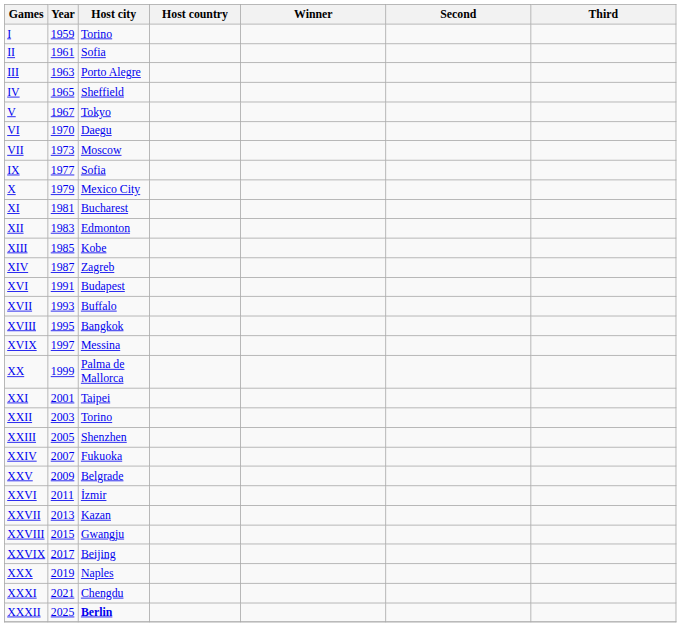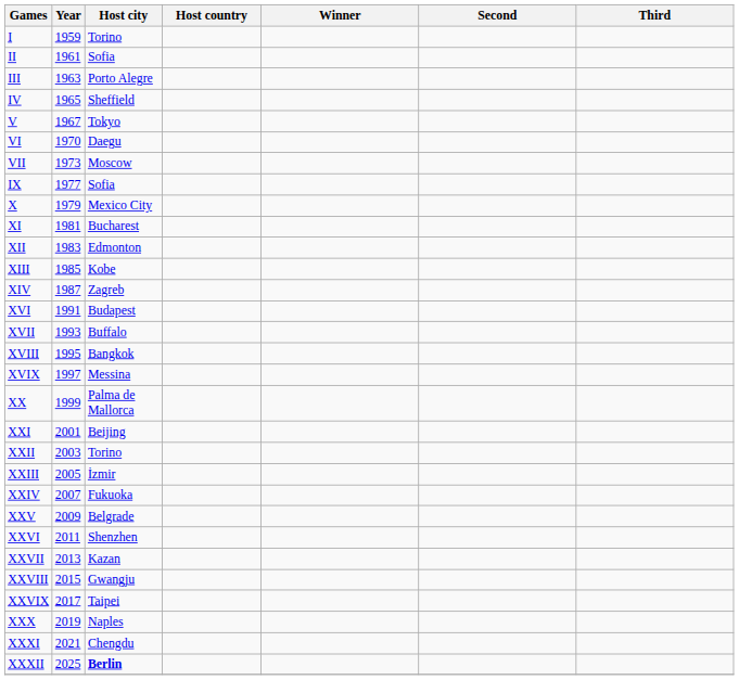 <table class=wikitable style=font-size:90%;>
 <tr>
 <th width=40>Games</th>
 <th width=30>Year</th>
 <th width=80>Host city</th>
 <th width=105>Host country</th>
 <th width=170>Winner</th>
 <th width=170>Second</th>
 <th width=170>Third</th>
 </tr>
 <tr>
 <td><a href='#'>I</a></td>
 <td><a href='#'>1959</a></td>
 <td><a href='#'>Torino</a></td>
 <td></td>
 <td></td>
 <td></td>
 <td></td>
 </tr>
 <tr>
 <td><a href='#'>II</a></td>
 <td><a href='#'>1961</a></td>
 <td><a href='#'>Sofia</a></td>
 <td></td>
 <td></td>
 <td></td>
 <td></td>
 </tr>
 <tr>
 <td><a href='#'>III</a></td>
 <td><a href='#'>1963</a></td>
 <td><a href='#'>Porto Alegre</a></td>
 <td></td>
 <td></td>
 <td></td>
 <td></td>
 </tr>
 <tr>
 <td><a href='#'>IV</a></td>
 <td><a href='#'>1965</a></td>
 <td><a href='#'>Sheffield</a></td>
 <td></td>
 <td></td>
 <td></td>
 <td></td>
 </tr>
 <tr>
 <td><a href='#'>V</a></td>
 <td><a href='#'>1967</a></td>
 <td><a href='#'>Tokyo</a></td>
 <td></td>
 <td></td>
 <td></td>
 <td></td>
 </tr>
 <tr>
 <td><a href='#'>VI</a></td>
 <td><a href='#'>1970</a></td>
 <td><a href='#'>Daegu</a></td>
 <td></td>
 <td></td>
 <td></td>
 <td></td>
 </tr>
 <tr>
 <td><a href='#'>VII</a></td>
 <td><a href='#'>1973</a></td>
 <td><a href='#'>Moscow</a></td>
 <td></td>
 <td></td>
 <td></td>
 <td></td>
 </tr>
 <tr>
 <td><a href='#'>IX</a></td>
 <td><a href='#'>1977</a></td>
 <td><a href='#'>Sofia</a></td>
 <td></td>
 <td></td>
 <td></td>
 <td></td>
 </tr>
 <tr>
 <td><a href='#'>X</a></td>
 <td><a href='#'>1979</a></td>
 <td><a href='#'>Mexico City</a></td>
 <td></td>
 <td></td>
 <td></td>
 <td></td>
 </tr>
 <tr>
 <td><a href='#'>XI</a></td>
 <td><a href='#'>1981</a></td>
 <td><a href='#'>Bucharest</a></td>
 <td></td>
 <td></td>
 <td></td>
 <td></td>
 </tr>
 <tr>
 <td><a href='#'>XII</a></td>
 <td><a href='#'>1983</a></td>
 <td><a href='#'>Edmonton</a></td>
 <td></td>
 <td></td>
 <td></td>
 <td></td>
 </tr>
 <tr>
 <td><a href='#'>XIII</a></td>
 <td><a href='#'>1985</a></td>
 <td><a href='#'>Kobe</a></td>
 <td></td>
 <td></td>
 <td></td>
 <td></td>
 </tr>
 <tr>
 <td><a href='#'>XIV</a></td>
 <td><a href='#'>1987</a></td>
 <td><a href='#'>Zagreb</a></td>
 <td></td>
 <td></td>
 <td></td>
 <td></td>
 </tr>
 <tr>
 <td><a href='#'>XVI</a></td>
 <td><a href='#'>1991</a></td>
 <td><a href='#'>Budapest</a></td>
 <td></td>
 <td></td>
 <td></td>
 <td></td>
 </tr>
 <tr>
 <td><a href='#'>XVII</a></td>
 <td><a href='#'>1993</a></td>
 <td><a href='#'>Buffalo</a></td>
 <td></td>
 <td></td>
 <td></td>
 <td></td>
 </tr>
 <tr>
 <td><a href='#'>XVIII</a></td>
 <td><a href='#'>1995</a></td>
 <td><a href='#'>Bangkok</a></td>
 <td></td>
 <td></td>
 <td></td>
 <td></td>
 </tr>
 <tr>
 <td><a href='#'>XVIX</a></td>
 <td><a href='#'>1997</a></td>
 <td><a href='#'>Messina</a></td>
 <td></td>
 <td></td>
 <td></td>
 <td></td>
 </tr>
 <tr>
 <td><a href='#'>XX</a></td>
 <td><a href='#'>1999</a></td>
 <td><a href='#'>Palma de Mallorca</a></td>
 <td></td>
 <td></td>
 <td></td>
 <td></td>
 </tr>
 <tr>
 <td><a href='#'>XXI</a></td>
 <td><a href='#'>2001</a></td>
-<td><a href='#'>Taipei</a></td>
+<td><a href='#'>Beijing</a></td>
 <td></td>
 <td></td>
 <td></td>
 <td></td>
 </tr>
 <tr>
 <td><a href='#'>XXII</a></td>
 <td><a href='#'>2003</a></td>
 <td><a href='#'>Torino</a></td>
 <td></td>
 <td></td>
 <td></td>
 <td></td>
 </tr>
 <tr>
 <td><a href='#'>XXIII</a></td>
 <td><a href='#'>2005</a></td>
-<td><a href='#'>Shenzhen</a></td>
+<td><a href='#'>İzmir</a></td>
 <td></td>
 <td></td>
 <td></td>
 <td></td>
 </tr>
 <tr>
 <td><a href='#'>XXIV</a></td>
 <td><a href='#'>2007</a></td>
 <td><a href='#'>Fukuoka</a></td>
 <td></td>
 <td></td>
 <td></td>
 <td></td>
 </tr>
 <tr>
 <td><a href='#'>XXV</a></td>
 <td><a href='#'>2009</a></td>
 <td><a href='#'>Belgrade</a></td>
 <td></td>
 <td></td>
 <td></td>
 <td></td>
 </tr>
 <tr>
 <td><a href='#'>XXVI</a></td>
 <td><a href='#'>2011</a></td>
-<td><a href='#'>İzmir</a></td>
+<td><a href='#'>Shenzhen</a></td>
 <td></td>
 <td></td>
 <td></td>
 <td></td>
 </tr>
 <tr>
 <td><a href='#'>XXVII</a></td>
 <td><a href='#'>2013</a></td>
 <td><a href='#'>Kazan</a></td>
 <td></td>
 <td></td>
 <td></td>
 <td></td>
 </tr>
 <tr>
 <td><a href='#'>XXVIII</a></td>
 <td><a href='#'>2015</a></td>
 <td><a href='#'>Gwangju</a></td>
 <td></td>
 <td></td>
 <td></td>
 <td></td>
 </tr>
 <tr>
 <td><a href='#'>XXVIX</a></td>
 <td><a href='#'>2017</a></td>
-<td><a href='#'>Beijing</a></td>
+<td><a href='#'>Taipei</a></td>
 <td></td>
 <td></td>
 <td></td>
 <td></td>
 </tr>
 <tr>
 <td><a href='#'>XXX</a></td>
 <td><a href='#'>2019</a></td>
 <td><a href='#'>Naples</a></td>
 <td></td>
 <td></td>
 <td></td>
 <td></td>
 </tr>
 <tr>
 <td><a href='#'>XXXI</a></td>
 <td><a href='#'>2021</a></td>
 <td><a href='#'>Chengdu</a></td>
 <td></td>
 <td></td>
 <td></td>
 <td></td>
 </tr>
 <tr>
 <td><a href='#'>XXXII</a></td>
 <td><a href='#'>2025</a></td>
 <td><strong><a href='#'>Berlin</a></strong></td>
 <td></td>
 <td></td>
 <td></td>
 <td></td>
 </tr>
 <tr>
 </tr>
 </table>
